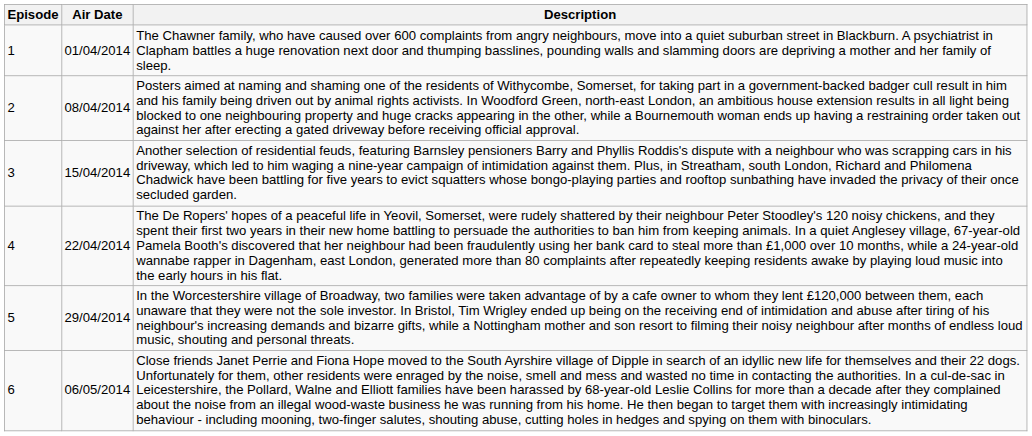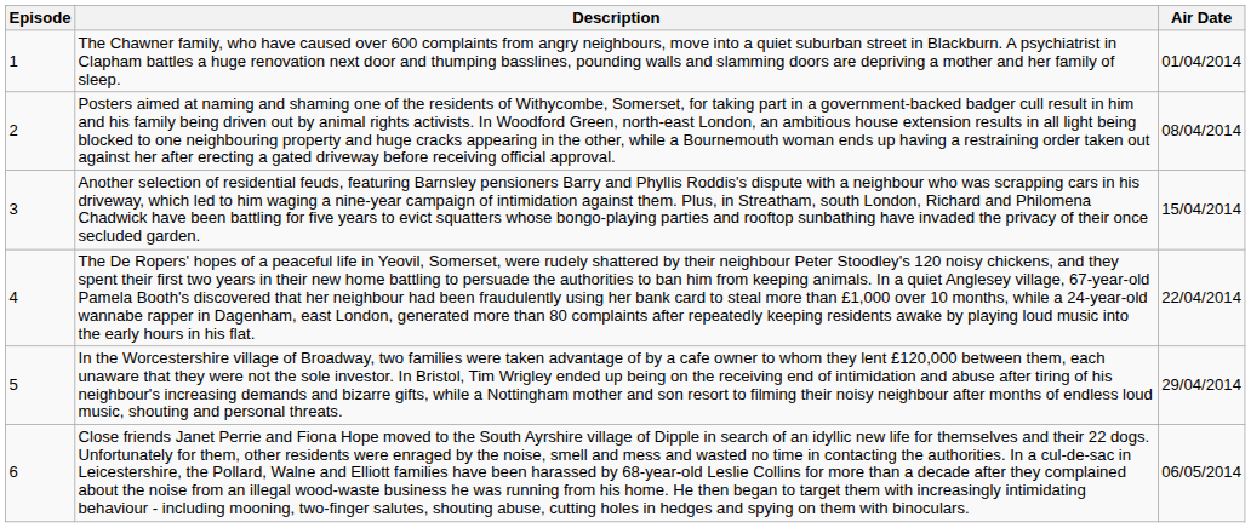 <table class="wikitable">
 <tr>
 <th>Episode</th>
+<th>Description</th>
 <th>Air Date</th>
-<th>Description</th>
 </tr>
 <tr>
 <td>1</td>
+<td>The Chawner family, who have caused over 600 complaints from angry neighbours, move into a quiet suburban street in Blackburn. A psychiatrist in Clapham battles a huge renovation next door and thumping basslines, pounding walls and slamming doors are depriving a mother and her family of sleep.</td>
 <td>01/04/2014</td>
-<td>The Chawner family, who have caused over 600 complaints from angry neighbours, move into a quiet suburban street in Blackburn. A psychiatrist in Clapham battles a huge renovation next door and thumping basslines, pounding walls and slamming doors are depriving a mother and her family of sleep.</td>
 </tr>
 <tr>
 <td>2</td>
+<td>Posters aimed at naming and shaming one of the residents of Withycombe, Somerset, for taking part in a government-backed badger cull result in him and his family being driven out by animal rights activists. In Woodford Green, north-east London, an ambitious house extension results in all light being blocked to one neighbouring property and huge cracks appearing in the other, while a Bournemouth woman ends up having a restraining order taken out against her after erecting a gated driveway before receiving official approval.</td>
 <td>08/04/2014</td>
-<td>Posters aimed at naming and shaming one of the residents of Withycombe, Somerset, for taking part in a government-backed badger cull result in him and his family being driven out by animal rights activists. In Woodford Green, north-east London, an ambitious house extension results in all light being blocked to one neighbouring property and huge cracks appearing in the other, while a Bournemouth woman ends up having a restraining order taken out against her after erecting a gated driveway before receiving official approval.</td>
 </tr>
 <tr>
 <td>3</td>
+<td>Another selection of residential feuds, featuring Barnsley pensioners Barry and Phyllis Roddis's dispute with a neighbour who was scrapping cars in his driveway, which led to him waging a nine-year campaign of intimidation against them. Plus, in Streatham, south London, Richard and Philomena Chadwick have been battling for five years to evict squatters whose bongo-playing parties and rooftop sunbathing have invaded the privacy of their once secluded garden.</td>
 <td>15/04/2014</td>
-<td>Another selection of residential feuds, featuring Barnsley pensioners Barry and Phyllis Roddis's dispute with a neighbour who was scrapping cars in his driveway, which led to him waging a nine-year campaign of intimidation against them. Plus, in Streatham, south London, Richard and Philomena Chadwick have been battling for five years to evict squatters whose bongo-playing parties and rooftop sunbathing have invaded the privacy of their once secluded garden.</td>
 </tr>
 <tr>
 <td>4</td>
+<td>The De Ropers' hopes of a peaceful life in Yeovil, Somerset, were rudely shattered by their neighbour Peter Stoodley's 120 noisy chickens, and they spent their first two years in their new home battling to persuade the authorities to ban him from keeping animals. In a quiet Anglesey village, 67-year-old Pamela Booth's discovered that her neighbour had been fraudulently using her bank card to steal more than £1,000 over 10 months, while a 24-year-old wannabe rapper in Dagenham, east London, generated more than 80 complaints after repeatedly keeping residents awake by playing loud music into the early hours in his flat.</td>
 <td>22/04/2014</td>
-<td>The De Ropers' hopes of a peaceful life in Yeovil, Somerset, were rudely shattered by their neighbour Peter Stoodley's 120 noisy chickens, and they spent their first two years in their new home battling to persuade the authorities to ban him from keeping animals. In a quiet Anglesey village, 67-year-old Pamela Booth's discovered that her neighbour had been fraudulently using her bank card to steal more than £1,000 over 10 months, while a 24-year-old wannabe rapper in Dagenham, east London, generated more than 80 complaints after repeatedly keeping residents awake by playing loud music into the early hours in his flat.</td>
 </tr>
 <tr>
 <td>5</td>
+<td>In the Worcestershire village of Broadway, two families were taken advantage of by a cafe owner to whom they lent £120,000 between them, each unaware that they were not the sole investor. In Bristol, Tim Wrigley ended up being on the receiving end of intimidation and abuse after tiring of his neighbour's increasing demands and bizarre gifts, while a Nottingham mother and son resort to filming their noisy neighbour after months of endless loud music, shouting and personal threats.</td>
 <td>29/04/2014</td>
-<td>In the Worcestershire village of Broadway, two families were taken advantage of by a cafe owner to whom they lent £120,000 between them, each unaware that they were not the sole investor. In Bristol, Tim Wrigley ended up being on the receiving end of intimidation and abuse after tiring of his neighbour's increasing demands and bizarre gifts, while a Nottingham mother and son resort to filming their noisy neighbour after months of endless loud music, shouting and personal threats.</td>
 </tr>
 <tr>
 <td>6</td>
+<td>Close friends Janet Perrie and Fiona Hope moved to the South Ayrshire village of Dipple in search of an idyllic new life for themselves and their 22 dogs. Unfortunately for them, other residents were enraged by the noise, smell and mess and wasted no time in contacting the authorities. In a cul-de-sac in Leicestershire, the Pollard, Walne and Elliott families have been harassed by 68-year-old Leslie Collins for more than a decade after they complained about the noise from an illegal wood-waste business he was running from his home. He then began to target them with increasingly intimidating behaviour - including mooning, two-finger salutes, shouting abuse, cutting holes in hedges and spying on them with binoculars.</td>
 <td>06/05/2014</td>
-<td>Close friends Janet Perrie and Fiona Hope moved to the South Ayrshire village of Dipple in search of an idyllic new life for themselves and their 22 dogs. Unfortunately for them, other residents were enraged by the noise, smell and mess and wasted no time in contacting the authorities. In a cul-de-sac in Leicestershire, the Pollard, Walne and Elliott families have been harassed by 68-year-old Leslie Collins for more than a decade after they complained about the noise from an illegal wood-waste business he was running from his home. He then began to target them with increasingly intimidating behaviour - including mooning, two-finger salutes, shouting abuse, cutting holes in hedges and spying on them with binoculars.</td>
 </tr>
 </table>
